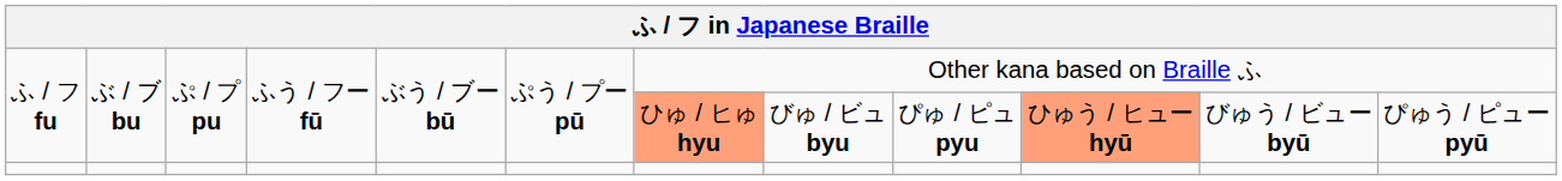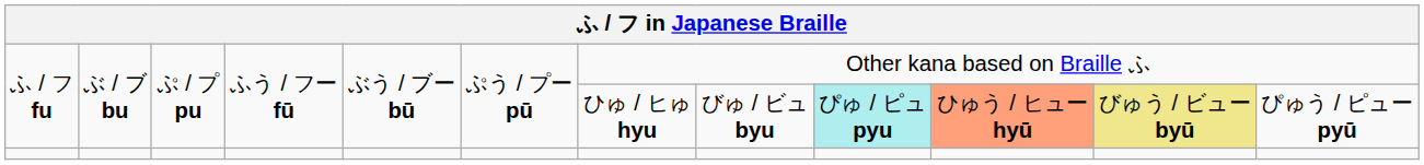 <table class="wikitable nowrap" style="text-align:center">
 <tr>
 <th colspan=12>ふ / フ in <a href='#'>Japanese Braille</a></th>
 </tr>
 <tr>
 <td rowspan=2>ふ / フ <br><strong>fu</strong></td>
 <td rowspan=2>ぶ / ブ <br><strong>bu</strong></td>
 <td rowspan=2>ぷ / プ <br><strong>pu</strong></td>
 <td rowspan=2>ふう / フー <br><strong>fū</strong></td>
 <td rowspan=2>ぶう / ブー <br><strong>bū</strong></td>
 <td rowspan=2>ぷう / プー <br><strong>pū</strong></td>
 <td colspan=6>Other kana based on <a href='#'>Braille</a> ふ</td>
 </tr>
 <tr>
-<td style="background: lightsalmon;">ひゅ / ヒゅ <br><strong>hyu</strong></td>
+<td>ひゅ / ヒゅ <br><strong>hyu</strong></td>
 <td>びゅ / ビュ <br><strong>byu</strong></td>
-<td>ぴゅ / ピュ <br><strong>pyu</strong></td>
+<td style="background: paleturquoise;">ぴゅ / ピュ <br><strong>pyu</strong></td>
 <td style="background: lightsalmon;">ひゅう / ヒュー <br><strong>hyū</strong></td>
-<td>びゅう / ビュー <br><strong>byū</strong></td>
+<td style="background: khaki;">びゅう / ビュー <br><strong>byū</strong></td>
 <td>ぴゅう / ピュー <br><strong>pyū</strong></td>
 </tr>
 <tr>
 <td></td>
 <td></td>
 <td></td>
 <td></td>
 <td></td>
 <td></td>
 <td></td>
 <td></td>
 <td></td>
 <td></td>
 <td></td>
 <td></td>
 </tr>
 </table>
